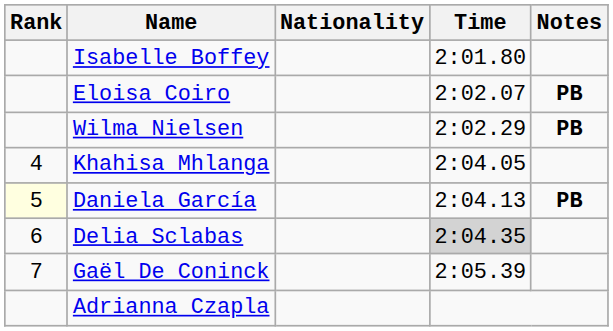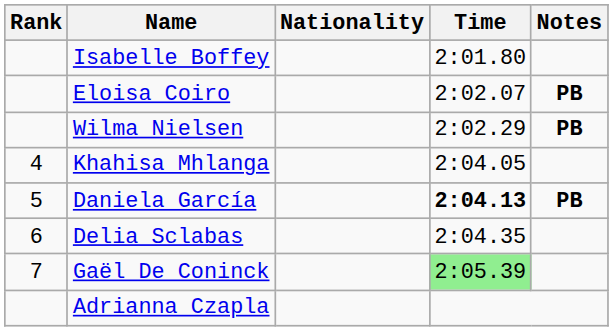 <table class="wikitable sortable" style="text-align:center">
 <tr>
 <th>Rank</th>
 <th>Name</th>
 <th>Nationality</th>
 <th>Time</th>
 <th>Notes</th>
 </tr>
 <tr>
 <td></td>
 <td align=left><a href='#'>Isabelle Boffey</a></td>
 <td align=left></td>
 <td>2:01.80</td>
 <td></td>
 </tr>
 <tr>
 <td></td>
 <td align=left><a href='#'>Eloisa Coiro</a></td>
 <td align=left></td>
 <td>2:02.07</td>
 <td><strong>PB</strong></td>
 </tr>
 <tr>
 <td></td>
 <td align=left><a href='#'>Wilma Nielsen</a></td>
 <td align=left></td>
 <td>2:02.29</td>
 <td><strong>PB</strong></td>
 </tr>
 <tr>
 <td>4</td>
 <td align=left><a href='#'>Khahisa Mhlanga</a></td>
 <td align=left></td>
 <td>2:04.05</td>
 <td></td>
 </tr>
 <tr>
-<td style="background: lightyellow;">5</td>
+<td>5</td>
 <td align=left><a href='#'>Daniela García</a></td>
 <td align=left></td>
-<td>2:04.13</td>
+<td><strong>2:04.13</strong></td>
 <td><strong>PB</strong></td>
 </tr>
 <tr>
 <td>6</td>
 <td align=left><a href='#'>Delia Sclabas</a></td>
 <td align=left></td>
-<td style="background: lightgrey;">2:04.35</td>
+<td>2:04.35</td>
 <td></td>
 </tr>
 <tr>
 <td>7</td>
 <td align=left><a href='#'>Gaël De Coninck</a></td>
 <td align=left></td>
-<td>2:05.39</td>
+<td style="background: lightgreen;">2:05.39</td>
 <td></td>
 </tr>
 <tr>
 <td></td>
 <td align=left><a href='#'>Adrianna Czapla</a></td>
 <td align=left></td>
 <td colspan=2></td>
 </tr>
 </table>
